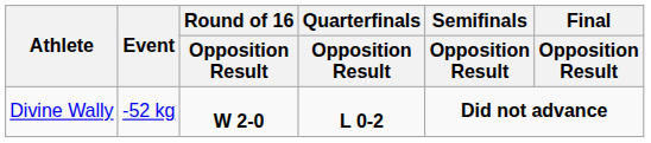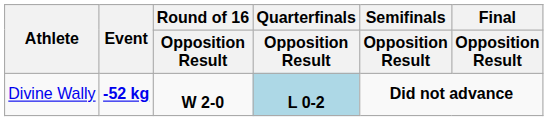 <table class="wikitable" border="1" style="font-size:90%">
 <tr>
 <th rowspan=2>Athlete</th>
 <th rowspan=2>Event</th>
 <th>Round of 16</th>
 <th>Quarterfinals</th>
 <th>Semifinals</th>
 <th>Final</th>
 </tr>
 <tr>
 <th>Opposition<br>Result</th>
 <th>Opposition<br>Result</th>
 <th>Opposition<br>Result</th>
 <th>Opposition<br>Result</th>
 </tr>
 <tr>
 <td><a href='#'>Divine Wally</a></td>
-<td><a href='#'>-52 kg</a></td>
+<td><strong><a href='#'>-52 kg</a></strong></td>
 <td align=center> <br> <strong>W 2-0</strong></td>
-<td align=center> <br> <strong>L 0-2</strong></td>
+<td align=center style="background: lightblue;"> <br> <strong>L 0-2</strong></td>
 <td align=center colspan=2><strong>Did not advance</strong></td>
 </tr>
 </table>
